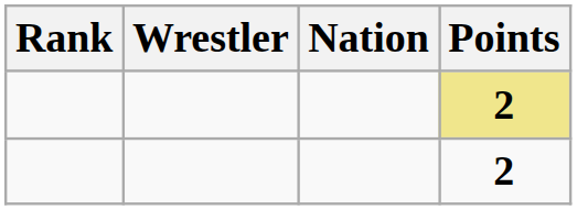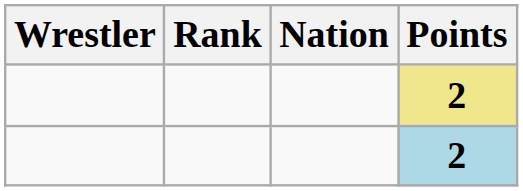 <table class="wikitable sortable" style="text-align:center;">
 <tr>
+<th>Wrestler</th>
 <th>Rank</th>
-<th>Wrestler</th>
 <th>Nation</th>
 <th>Points</th>
 </tr>
 <tr>
+<td align=left></td>
 <td></td>
-<td align=left></td>
 <td align=left></td>
 <td style="background: khaki;"><strong>2</strong></td>
 </tr>
 <tr>
+<td align=left></td>
 <td></td>
 <td align=left></td>
-<td align=left></td>
-<td><strong>2</strong></td>
+<td style="background: lightblue;"><strong>2</strong></td>
 </tr>
 </table>
